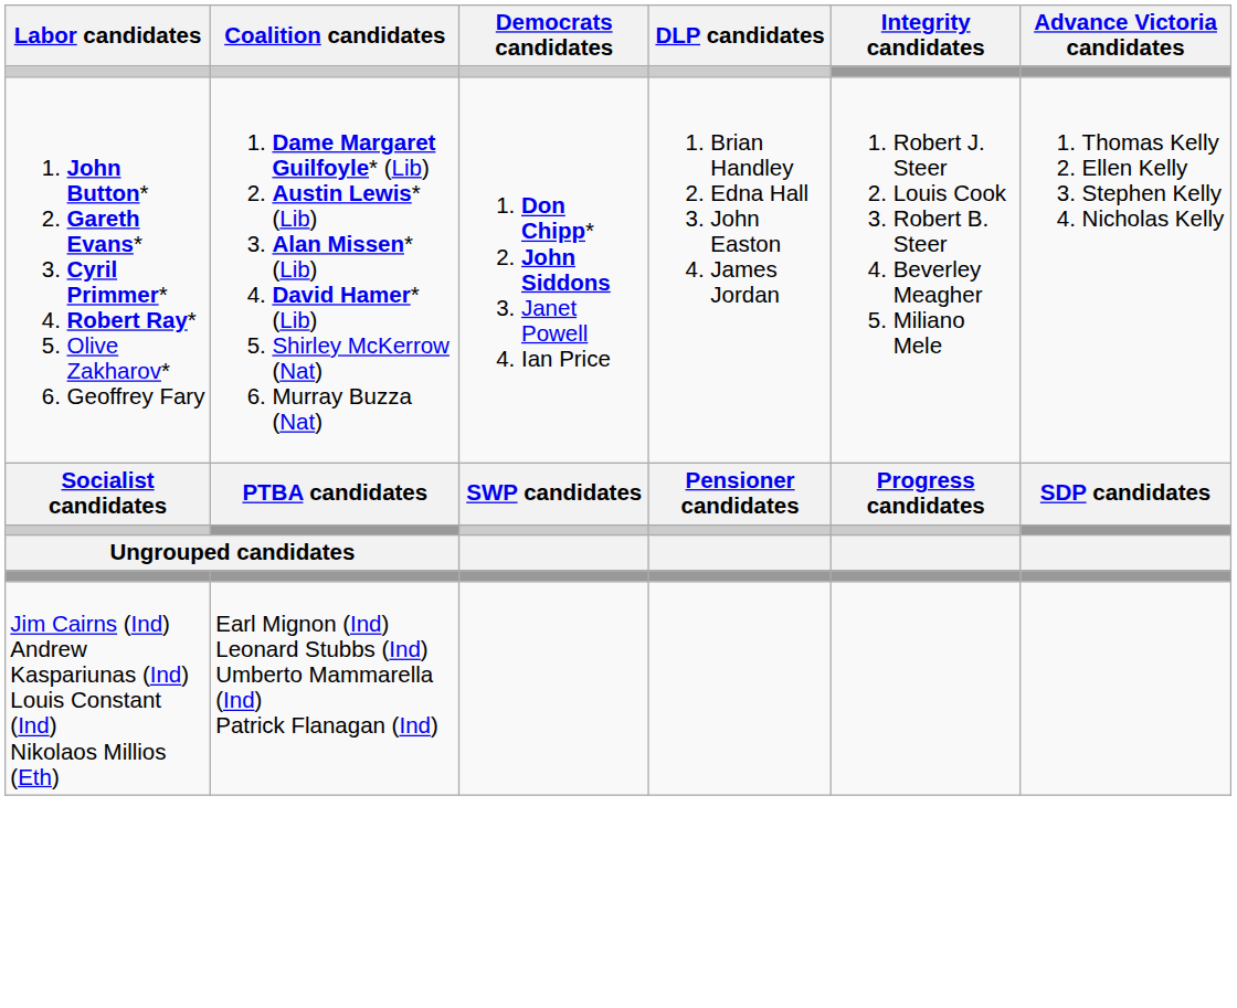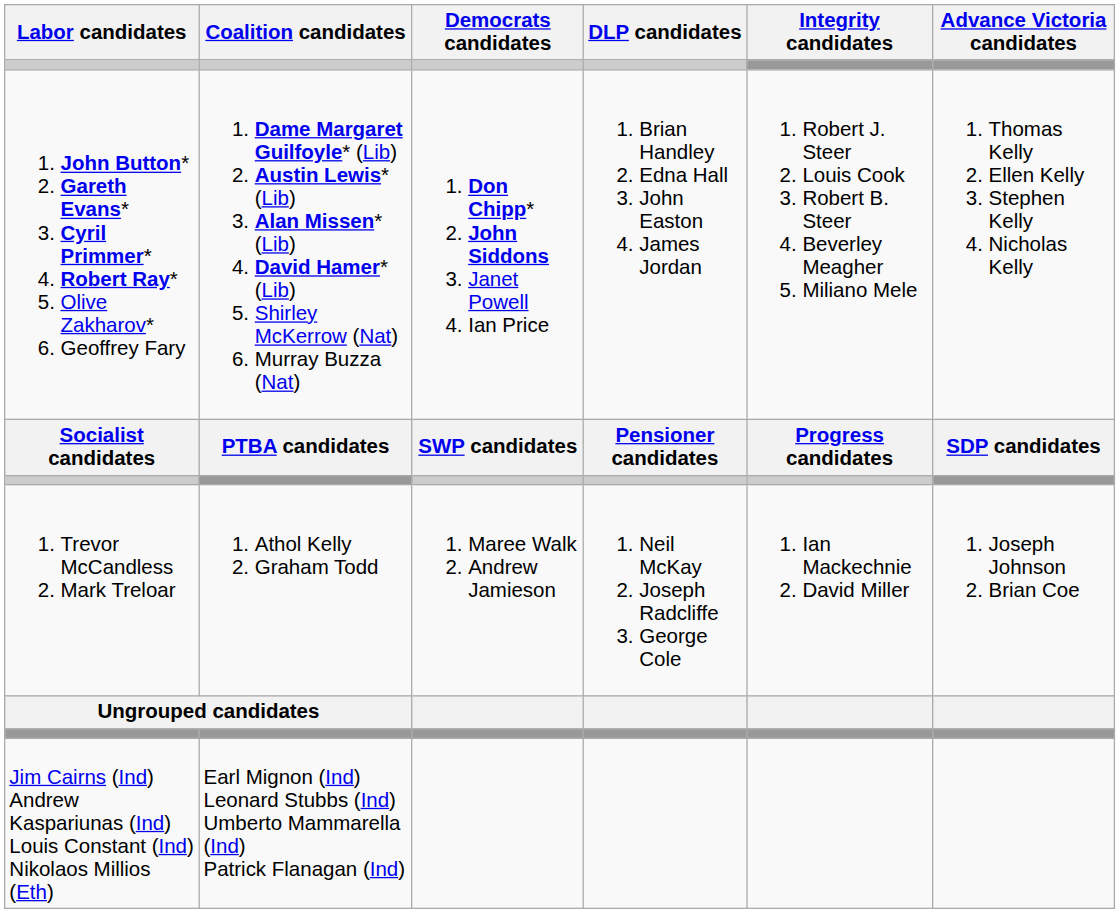 <table class="wikitable">
 <tr>
 <th><a href='#'>Labor</a> candidates</th>
 <th><a href='#'>Coalition</a> candidates</th>
 <th><a href='#'>Democrats</a> candidates</th>
 <th><a href='#'>DLP</a> candidates</th>
 <th><a href='#'>Integrity</a> candidates</th>
 <th><a href='#'>Advance Victoria</a> candidates</th>
 </tr>
 <tr bgcolor="#cccccc">
 <td></td>
 <td></td>
 <td></td>
 <td></td>
 <td bgcolor="#999999"></td>
 <td bgcolor="#999999"></td>
 </tr>
 <tr>
 <td><br><ol><li><strong><a href='#'>John Button</a></strong>*</li><li><strong><a href='#'>Gareth Evans</a></strong>*</li><li><strong><a href='#'>Cyril Primmer</a></strong>*</li><li><strong><a href='#'>Robert Ray</a></strong>*</li><li><a href='#'>Olive Zakharov</a>*</li><li>Geoffrey Fary</li></ol></td>
 <td><br><ol><li><strong><a href='#'>Dame Margaret Guilfoyle</a></strong>* (<a href='#'>Lib</a>)</li><li><strong><a href='#'>Austin Lewis</a></strong>* (<a href='#'>Lib</a>)</li><li><strong><a href='#'>Alan Missen</a></strong>* (<a href='#'>Lib</a>)</li><li><strong><a href='#'>David Hamer</a></strong>* (<a href='#'>Lib</a>)</li><li><a href='#'>Shirley McKerrow</a> (<a href='#'>Nat</a>)</li><li>Murray Buzza (<a href='#'>Nat</a>)</li></ol></td>
 <td><br><ol><li><strong><a href='#'>Don Chipp</a></strong>*</li><li><strong><a href='#'>John Siddons</a></strong></li><li><a href='#'>Janet Powell</a></li><li>Ian Price</li></ol></td>
 <td valign=top><br><ol><li>Brian Handley</li><li>Edna Hall</li><li>John Easton</li><li>James Jordan</li></ol></td>
 <td valign=top><br><ol><li>Robert J. Steer</li><li>Louis Cook</li><li>Robert B. Steer</li><li>Beverley Meagher</li><li>Miliano Mele</li></ol></td>
 <td valign=top><br><ol><li>Thomas Kelly</li><li>Ellen Kelly</li><li>Stephen Kelly</li><li>Nicholas Kelly</li></ol></td>
 </tr>
 <tr bgcolor="#cccccc">
 <th><a href='#'>Socialist</a> candidates</th>
 <th><a href='#'>PTBA</a> candidates</th>
 <th><a href='#'>SWP</a> candidates</th>
 <th><a href='#'>Pensioner</a> candidates</th>
 <th><a href='#'>Progress</a> candidates</th>
 <th><a href='#'>SDP</a> candidates</th>
 </tr>
 <tr bgcolor="#cccccc">
 <td></td>
 <td bgcolor="#999999"></td>
 <td></td>
 <td></td>
 <td></td>
 <td bgcolor="#999999"></td>
 </tr>
+<tr>
+<td valign=top><br><ol><li>Trevor McCandless</li><li>Mark Treloar</li></ol></td>
+<td valign=top><br><ol><li>Athol Kelly</li><li>Graham Todd</li></ol></td>
+<td valign=top><br><ol><li>Maree Walk</li><li>Andrew Jamieson</li></ol></td>
+<td valign=top><br><ol><li>Neil McKay</li><li>Joseph Radcliffe</li><li>George Cole</li></ol></td>
+<td valign=top><br><ol><li>Ian Mackechnie</li><li>David Miller</li></ol></td>
+<td valign=top><br><ol><li>Joseph Johnson</li><li>Brian Coe</li></ol></td>
+</tr>
 <tr bgcolor="#cccccc">
 <th colspan="2">Ungrouped candidates</th>
 <th></th>
 <th></th>
 <th></th>
 <th></th>
 </tr>
 <tr bgcolor="#cccccc">
 <td bgcolor="#999999"></td>
 <td bgcolor="#999999"></td>
 <td bgcolor="#999999"></td>
 <td bgcolor="#999999"></td>
 <td bgcolor="#999999"></td>
 <td bgcolor="#999999"></td>
 </tr>
 <tr>
 <td valign=top><br><a href='#'>Jim Cairns</a> (<a href='#'>Ind</a>)<br> Andrew Kaspariunas (<a href='#'>Ind</a>)<br> Louis Constant (<a href='#'>Ind</a>)<br> Nikolaos Millios (<a href='#'>Eth</a>)</td>
 <td valign=top><br>Earl Mignon (<a href='#'>Ind</a>)<br> Leonard Stubbs (<a href='#'>Ind</a>)<br> Umberto Mammarella (<a href='#'>Ind</a>)<br> Patrick Flanagan (<a href='#'>Ind</a>)</td>
 <td valign=top></td>
 <td valign=top></td>
 <td valign=top></td>
 <td valign=top></td>
 </tr>
 </table>
